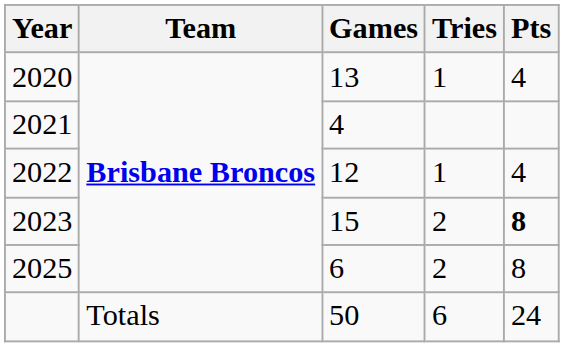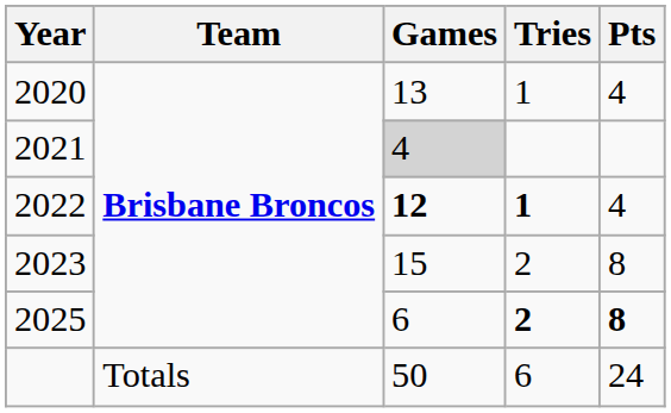 <table class="wikitable">
 <tr>
 <th>Year</th>
 <th>Team</th>
 <th>Games</th>
 <th>Tries</th>
 <th>Pts</th>
 </tr>
 <tr>
 <td>2020</td>
 <td rowspan="5"> <strong><a href='#'>Brisbane Broncos</a></strong></td>
 <td>13</td>
 <td>1</td>
 <td>4</td>
 </tr>
 <tr>
 <td>2021</td>
-<td>4</td>
+<td style="background: lightgrey;">4</td>
 <td></td>
 <td></td>
 </tr>
 <tr>
 <td>2022</td>
-<td>12</td>
-<td>1</td>
+<td><strong>12</strong></td>
+<td><strong>1</strong></td>
 <td>4</td>
 </tr>
 <tr>
 <td>2023</td>
 <td>15</td>
 <td>2</td>
-<td><strong>8</strong></td>
+<td>8</td>
 </tr>
 <tr>
 <td>2025</td>
 <td>6</td>
-<td>2</td>
-<td>8</td>
+<td><strong>2</strong></td>
+<td><strong>8</strong></td>
 </tr>
 <tr>
 <td></td>
 <td>Totals</td>
 <td>50</td>
 <td>6</td>
 <td>24</td>
 </tr>
 </table>
